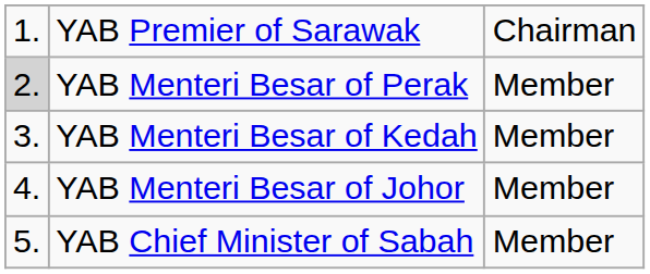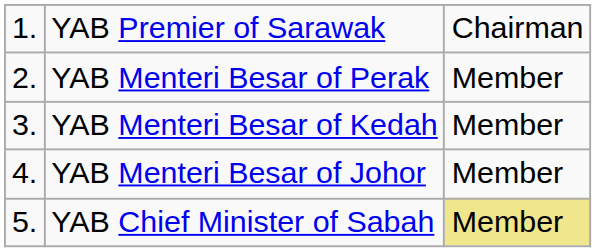 <table class="wikitable">
 <tr>
 <td>1.</td>
 <td>YAB <a href='#'>Premier of Sarawak</a></td>
 <td>Chairman</td>
 </tr>
 <tr>
-<td style="background: lightgrey;">2.</td>
+<td>2.</td>
 <td>YAB <a href='#'>Menteri Besar of Perak</a></td>
 <td>Member</td>
 </tr>
 <tr>
 <td>3.</td>
 <td>YAB <a href='#'>Menteri Besar of Kedah</a></td>
 <td>Member</td>
 </tr>
 <tr>
 <td>4.</td>
 <td>YAB <a href='#'>Menteri Besar of Johor</a></td>
 <td>Member</td>
 </tr>
 <tr>
 <td>5.</td>
 <td>YAB <a href='#'>Chief Minister of Sabah</a></td>
-<td>Member</td>
+<td style="background: khaki;">Member</td>
 </tr>
 </table>
